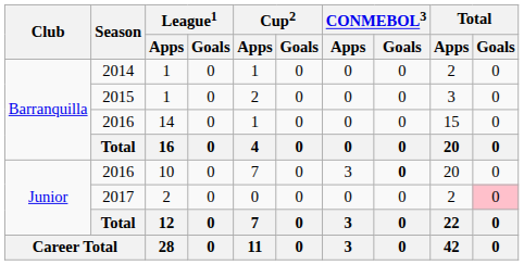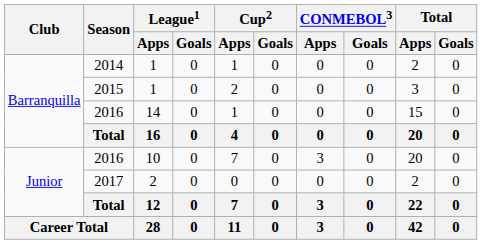 <table class="wikitable" style="text-align:center;">
 <tr>
 <th rowspan="2">Club</th>
 <th rowspan="2">Season</th>
 <th colspan="2">League<sup>1</sup></th>
 <th colspan="2">Cup<sup>2</sup></th>
 <th colspan="2"><a href='#'>CONMEBOL</a><sup>3</sup></th>
 <th colspan="2">Total</th>
 </tr>
 <tr>
 <th>Apps</th>
 <th>Goals</th>
 <th>Apps</th>
 <th>Goals</th>
 <th>Apps</th>
 <th>Goals</th>
 <th>Apps</th>
 <th>Goals</th>
 </tr>
 <tr>
 <td rowspan="4"><a href='#'>Barranquilla</a></td>
 <td>2014</td>
 <td>1</td>
 <td>0</td>
 <td>1</td>
 <td>0</td>
 <td>0</td>
 <td>0</td>
 <td>2</td>
 <td>0</td>
 </tr>
 <tr>
 <td>2015</td>
 <td>1</td>
 <td>0</td>
 <td>2</td>
 <td>0</td>
 <td>0</td>
 <td>0</td>
 <td>3</td>
 <td>0</td>
 </tr>
 <tr>
 <td>2016</td>
 <td>14</td>
 <td>0</td>
 <td>1</td>
 <td>0</td>
 <td>0</td>
 <td>0</td>
 <td>15</td>
 <td>0</td>
 </tr>
 <tr>
 <th colspan="1"><strong>Total</strong></th>
 <th>16</th>
 <th>0</th>
 <th>4</th>
 <th>0</th>
 <th>0</th>
 <th>0</th>
 <th>20</th>
 <th>0</th>
 </tr>
 <tr>
 <td rowspan=3><a href='#'>Junior</a></td>
 <td>2016</td>
 <td>10</td>
 <td>0</td>
 <td>7</td>
 <td>0</td>
 <td>3</td>
-<td><strong>0</strong></td>
+<td>0</td>
 <td>20</td>
 <td>0</td>
 </tr>
 <tr>
 <td>2017</td>
 <td>2</td>
 <td>0</td>
 <td>0</td>
 <td>0</td>
 <td>0</td>
 <td>0</td>
 <td>2</td>
-<td style="background: pink;">0</td>
+<td>0</td>
 </tr>
 <tr>
 <th colspan="1"><strong>Total</strong></th>
 <th>12</th>
 <th>0</th>
 <th>7</th>
 <th>0</th>
 <th>3</th>
 <th>0</th>
 <th>22</th>
 <th>0</th>
 </tr>
 <tr>
 <th colspan="2">Career Total</th>
 <th>28</th>
 <th>0</th>
 <th>11</th>
 <th>0</th>
 <th>3</th>
 <th>0</th>
 <th>42</th>
 <th>0</th>
 </tr>
 </table>
